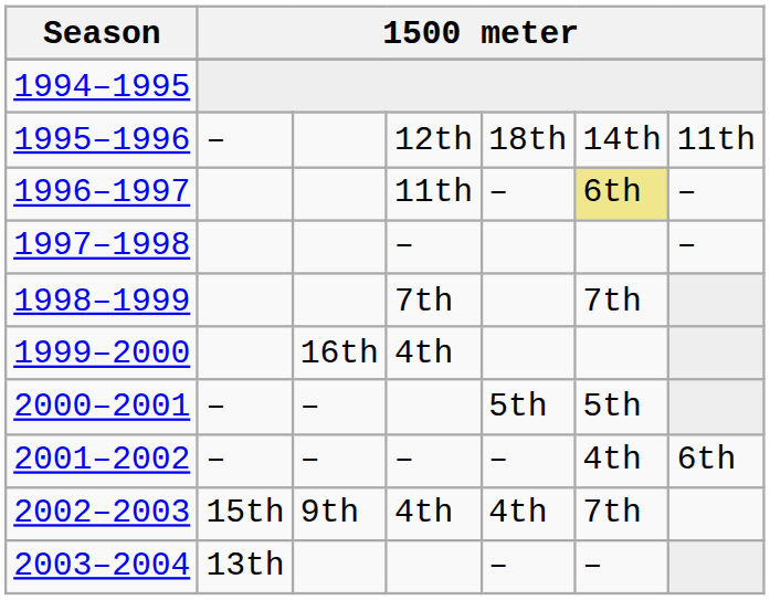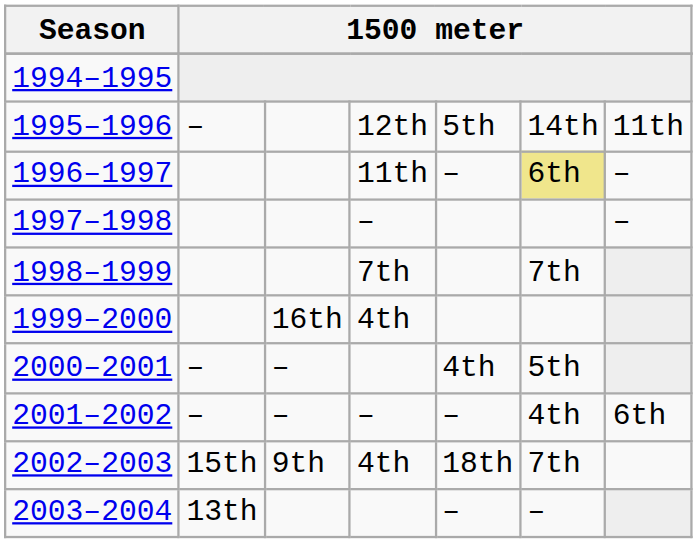 <table class="wikitable" style="display: inline-table;">
 <tr>
 <th>Season</th>
 <th colspan="6">1500 meter</th>
 </tr>
 <tr>
 </tr>
 <tr>
 <td><a href='#'>1994–1995</a></td>
 <td colspan="6" bgcolor=#EEEEEE></td>
 </tr>
 <tr>
 <td><a href='#'>1995–1996</a></td>
 <td>–</td>
 <td></td>
 <td>12th</td>
-<td>18th</td>
+<td>5th</td>
 <td>14th</td>
 <td>11th</td>
 </tr>
 <tr>
 <td><a href='#'>1996–1997</a></td>
 <td></td>
 <td></td>
 <td>11th</td>
 <td>–</td>
 <td style="background: khaki;">6th</td>
 <td>–</td>
 </tr>
 <tr>
 <td><a href='#'>1997–1998</a></td>
 <td></td>
 <td></td>
 <td>–</td>
 <td></td>
 <td></td>
 <td>–</td>
 </tr>
 <tr>
 <td><a href='#'>1998–1999</a></td>
 <td></td>
 <td></td>
 <td>7th</td>
 <td></td>
 <td>7th</td>
 <td colspan="1" bgcolor=#EEEEEE></td>
 </tr>
 <tr>
 <td><a href='#'>1999–2000</a></td>
 <td></td>
 <td>16th</td>
 <td>4th</td>
 <td></td>
 <td></td>
 <td colspan="1" bgcolor=#EEEEEE></td>
 </tr>
 <tr>
 <td><a href='#'>2000–2001</a></td>
 <td>–</td>
 <td>–</td>
 <td></td>
-<td>5th</td>
+<td>4th</td>
 <td>5th</td>
 <td colspan="1" bgcolor=#EEEEEE></td>
 </tr>
 <tr>
 <td><a href='#'>2001–2002</a></td>
 <td>–</td>
 <td>–</td>
 <td>–</td>
 <td>–</td>
 <td>4th</td>
 <td>6th</td>
 </tr>
 <tr>
 <td><a href='#'>2002–2003</a></td>
 <td>15th</td>
 <td>9th</td>
 <td>4th</td>
-<td>4th</td>
+<td>18th</td>
 <td>7th</td>
 <td></td>
 </tr>
 <tr>
 <td><a href='#'>2003–2004</a></td>
 <td>13th</td>
 <td></td>
 <td></td>
 <td>–</td>
 <td>–</td>
 <td colspan="1" bgcolor=#EEEEEE></td>
 </tr>
 </table>
